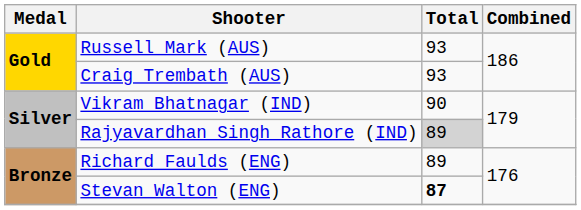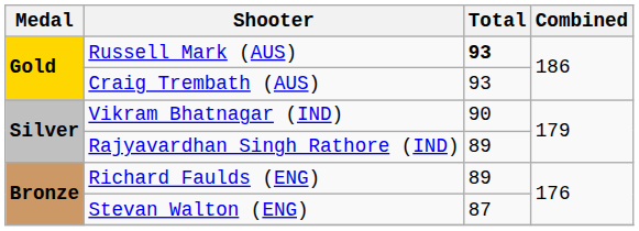 <table class="wikitable">
 <tr>
 <th>Medal</th>
 <th>Shooter</th>
 <th>Total</th>
 <th>Combined</th>
 </tr>
 <tr>
 <td rowspan="2" bgcolor="gold"><strong>Gold</strong></td>
 <td> <a href='#'>Russell Mark</a> (<a href='#'>AUS</a>)</td>
-<td>93</td>
+<td><strong>93</strong></td>
 <td rowspan="2">186</td>
 </tr>
 <tr>
 <td> <a href='#'>Craig Trembath</a> (<a href='#'>AUS</a>)</td>
 <td>93</td>
 </tr>
 <tr>
 <td rowspan="2" bgcolor="silver"><strong>Silver</strong></td>
 <td> <a href='#'>Vikram Bhatnagar</a> (<a href='#'>IND</a>)</td>
 <td>90</td>
 <td rowspan="2">179</td>
 </tr>
 <tr>
 <td> <a href='#'>Rajyavardhan Singh Rathore</a> (<a href='#'>IND</a>)</td>
-<td style="background: lightgrey;">89</td>
+<td>89</td>
 </tr>
 <tr>
 <td rowspan="2" bgcolor="cc9966"><strong>Bronze</strong></td>
 <td> <a href='#'>Richard Faulds</a> (<a href='#'>ENG</a>)</td>
 <td>89</td>
 <td rowspan="2">176</td>
 </tr>
 <tr>
 <td> <a href='#'>Stevan Walton</a> (<a href='#'>ENG</a>)</td>
-<td><strong>87</strong></td>
+<td>87</td>
 </tr>
 <tr>
 </tr>
 </table>
